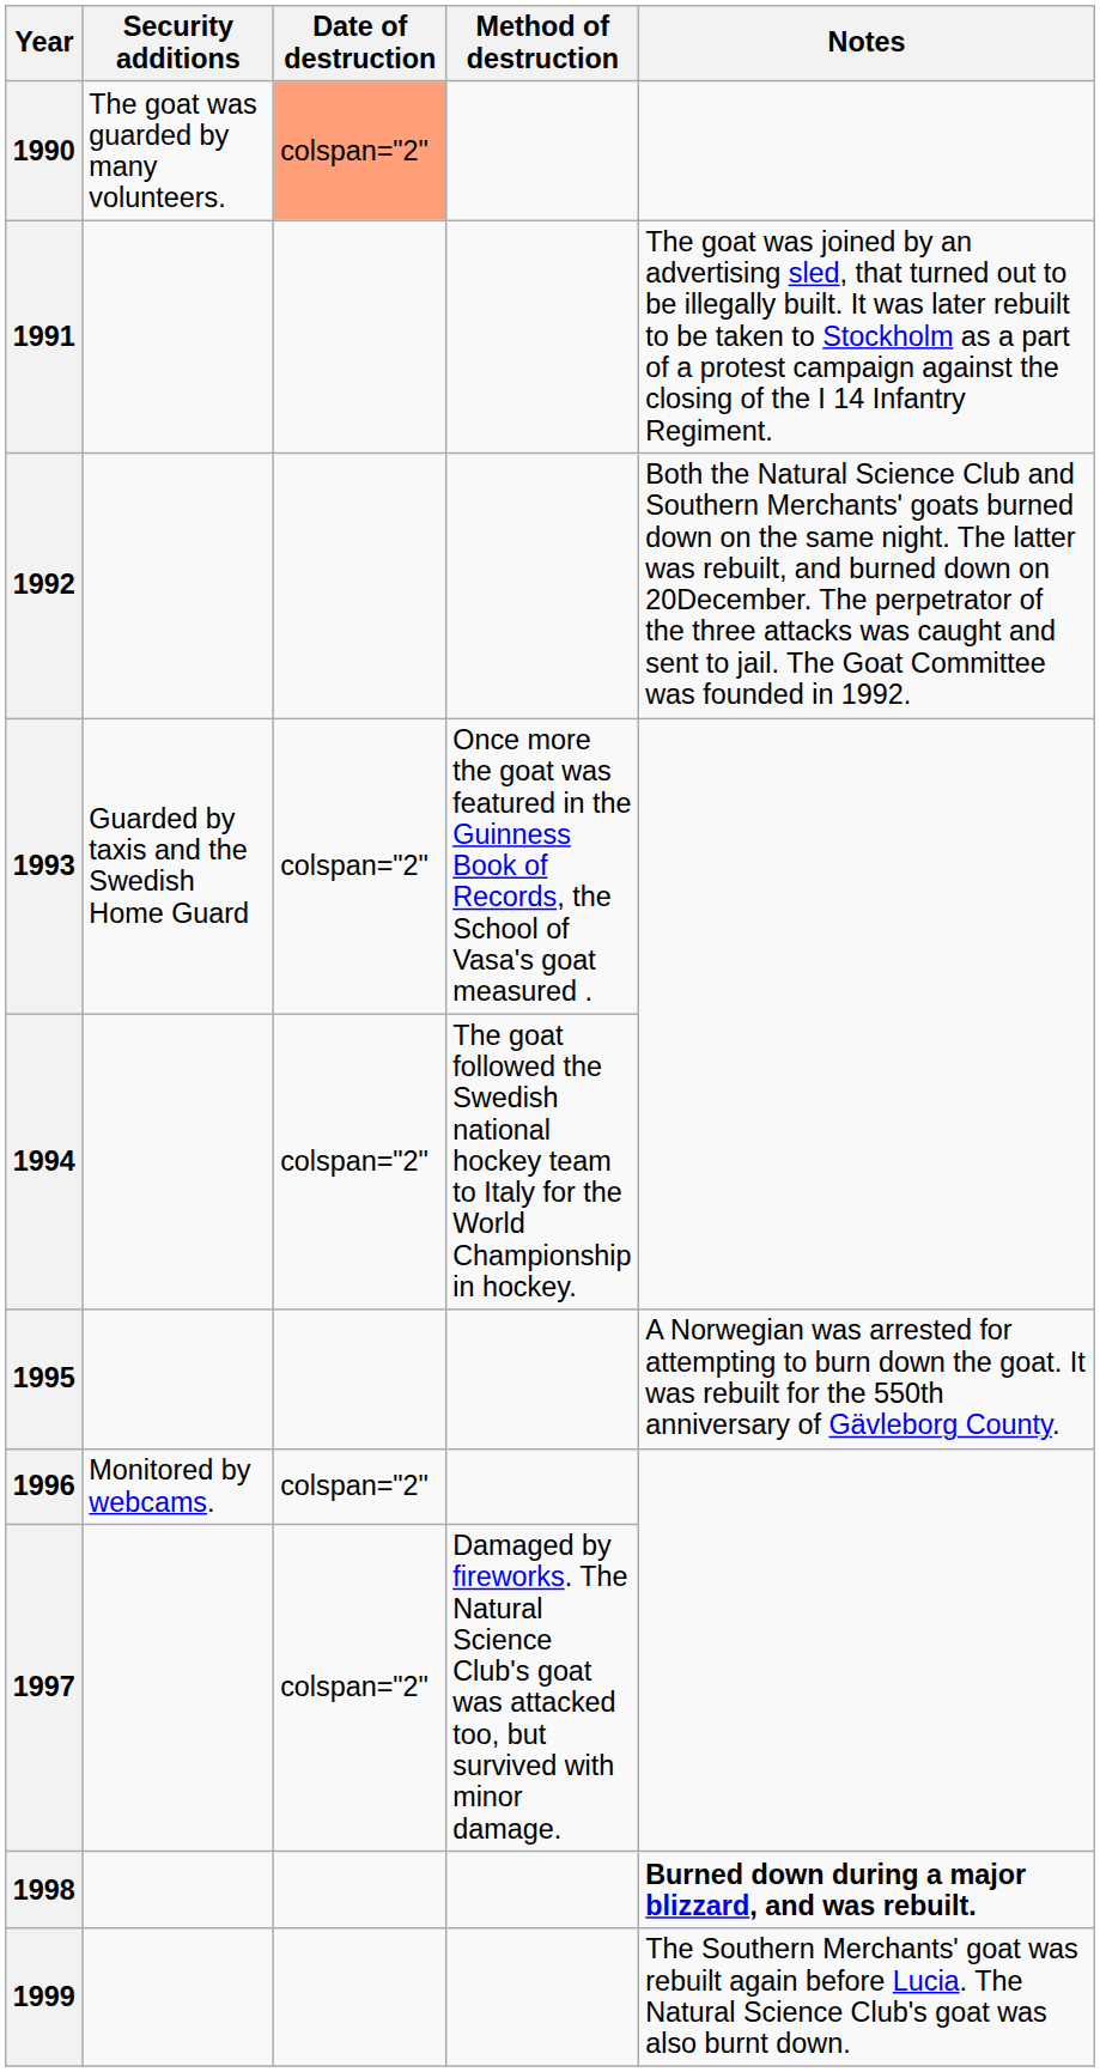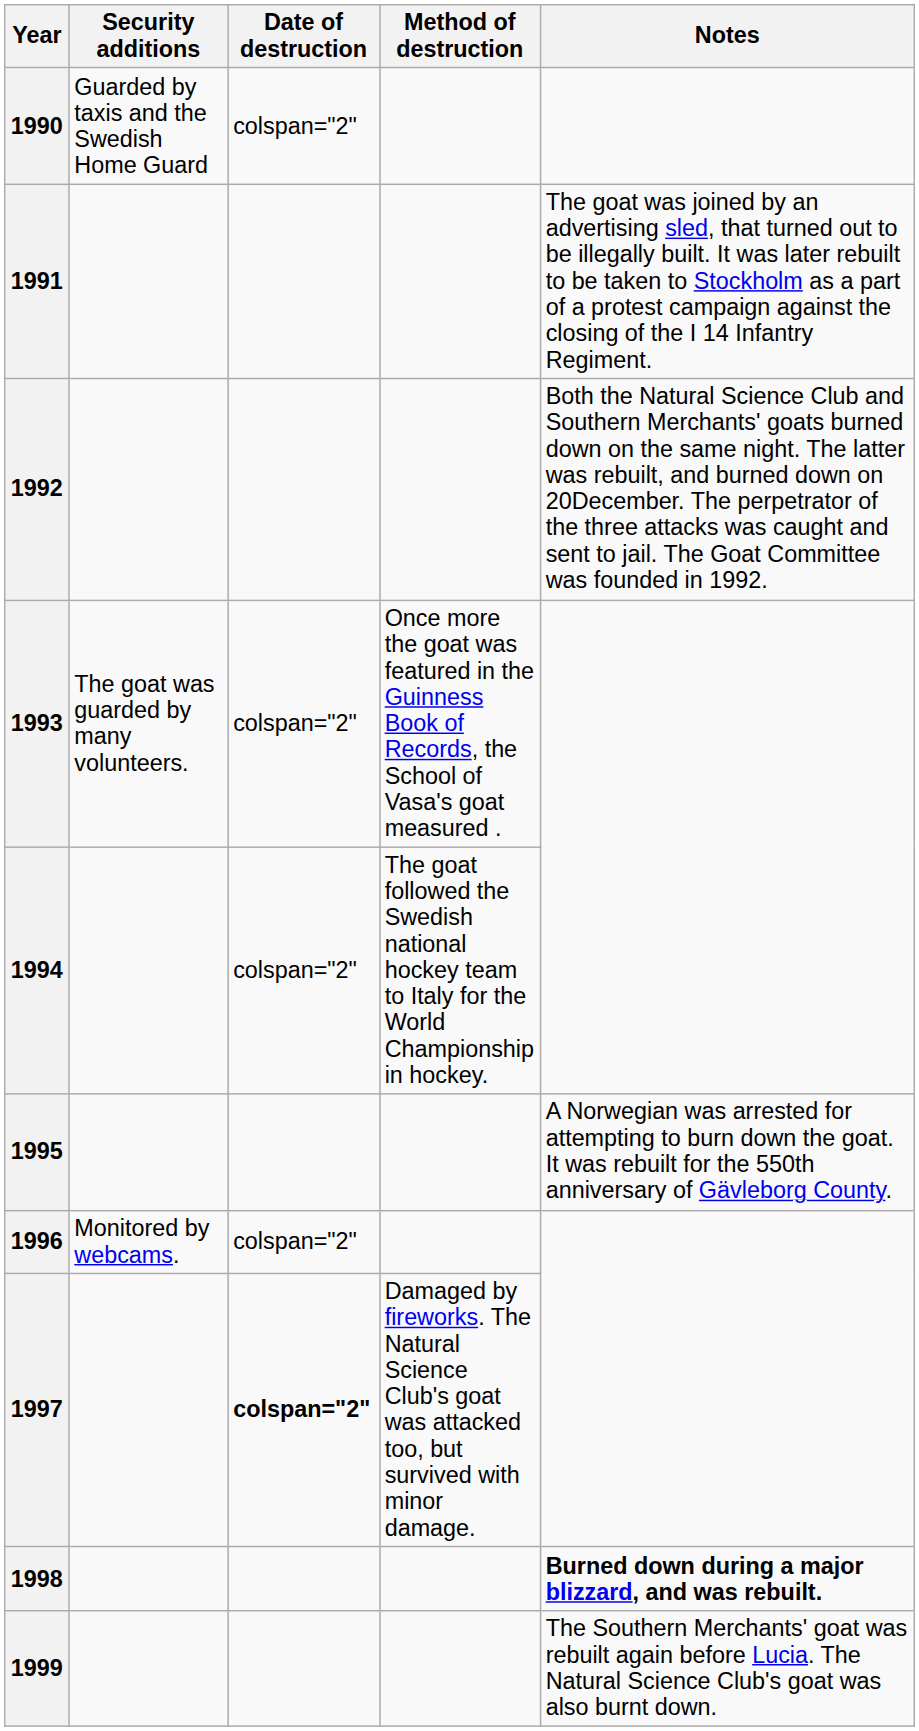 <table class="sortable wikitable" style="width: 100%;">
 <tr>
 <th scope="col" width="40">Year</th>
 <th scope="col" width="180">Security additions</th>
 <th scope="col" width="105">Date of destruction</th>
 <th scope="col" width="105">Method of destruction</th>
 <th scope="col" width="770">Notes</th>
 </tr>
 <tr>
 <th scope="row">1990</th>
-<td>The goat was guarded by many volunteers.</td>
-<td style="background: lightsalmon;">colspan="2" </td>
+<td>Guarded by taxis and the Swedish Home Guard</td>
+<td>colspan="2" </td>
 <td></td>
 </tr>
 <tr>
 <th scope="row">1991</th>
 <td></td>
 <td></td>
 <td></td>
 <td>The goat was joined by an advertising <a href='#'>sled</a>, that turned out to be illegally built. It was later rebuilt to be taken to <a href='#'>Stockholm</a> as a part of a protest campaign against the closing of the I 14 Infantry Regiment.</td>
 </tr>
 <tr>
 <th scope="row">1992</th>
 <td></td>
 <td></td>
 <td></td>
 <td>Both the Natural Science Club and Southern Merchants' goats burned down on the same night. The latter was rebuilt, and burned down on 20December. The perpetrator of the three attacks was caught and sent to jail. The Goat Committee was founded in 1992.</td>
 </tr>
 <tr>
 <th scope="row">1993</th>
-<td>Guarded by taxis and the Swedish Home Guard</td>
+<td>The goat was guarded by many volunteers.</td>
 <td>colspan="2" </td>
 <td>Once more the goat was featured in the <a href='#'>Guinness Book of Records</a>, the School of Vasa's goat measured .</td>
 </tr>
 <tr>
 <th scope="row">1994</th>
 <td></td>
 <td>colspan="2" </td>
 <td>The goat followed the Swedish national hockey team to Italy for the World Championship in hockey.</td>
 </tr>
 <tr>
 <th scope="row">1995</th>
 <td></td>
 <td></td>
 <td></td>
 <td>A Norwegian was arrested for attempting to burn down the goat. It was rebuilt for the 550th anniversary of <a href='#'>Gävleborg County</a>.</td>
 </tr>
 <tr>
 <th scope="row">1996</th>
 <td>Monitored by <a href='#'>webcams</a>.</td>
 <td>colspan="2" </td>
 <td></td>
 </tr>
 <tr>
 <th scope="row">1997</th>
 <td></td>
-<td>colspan="2" </td>
+<td><strong>colspan="2" </strong></td>
 <td>Damaged by <a href='#'>fireworks</a>. The Natural Science Club's goat was attacked too, but survived with minor damage.</td>
 </tr>
 <tr>
 <th scope="row">1998</th>
 <td></td>
 <td></td>
 <td></td>
 <td><strong>Burned down during a major <a href='#'>blizzard</a>, and was rebuilt.</strong></td>
 </tr>
 <tr>
 <th scope="row">1999</th>
 <td></td>
 <td></td>
 <td></td>
 <td>The Southern Merchants' goat was rebuilt again before <a href='#'>Lucia</a>. The Natural Science Club's goat was also burnt down.</td>
 </tr>
 </table>
